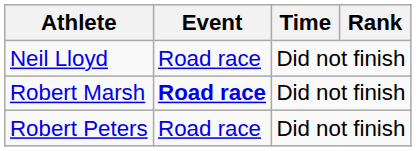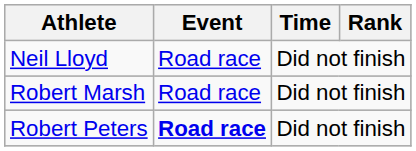 <table class=wikitable style=font-size:90%>
 <tr>
 <th>Athlete</th>
 <th>Event</th>
 <th>Time</th>
 <th>Rank</th>
 </tr>
 <tr>
 <td><a href='#'>Neil Lloyd</a></td>
 <td><a href='#'>Road race</a></td>
 <td align=center colspan=2>Did not finish</td>
 </tr>
 <tr>
 <td><a href='#'>Robert Marsh</a></td>
-<td><strong><a href='#'>Road race</a></strong></td>
+<td><a href='#'>Road race</a></td>
 <td align=center colspan=2>Did not finish</td>
 </tr>
 <tr>
 <td><a href='#'>Robert Peters</a></td>
-<td><a href='#'>Road race</a></td>
+<td><strong><a href='#'>Road race</a></strong></td>
 <td align=center colspan=2>Did not finish</td>
 </tr>
 </table>
